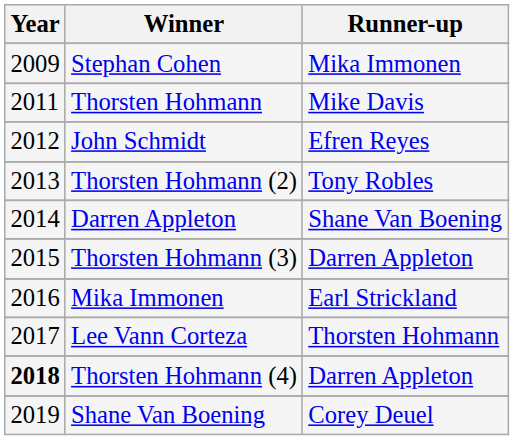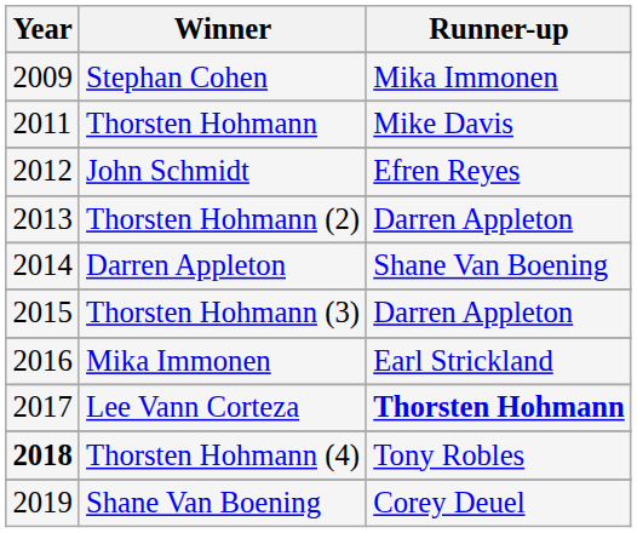 <table class="wikitable sortable" style="font-size:100%; text-align: left;">
 <tr>
 <th>Year</th>
 <th>Winner</th>
 <th>Runner-up</th>
 </tr>
 <tr>
 </tr>
 <tr style="background:#F5F5F5;">
 <td>2009</td>
 <td> <a href='#'>Stephan Cohen</a></td>
 <td> <a href='#'>Mika Immonen</a></td>
 </tr>
 <tr>
 </tr>
 <tr style="background:#F5F5F5;">
 <td>2011</td>
 <td> <a href='#'>Thorsten Hohmann</a></td>
 <td> <a href='#'>Mike Davis</a></td>
 </tr>
 <tr>
 </tr>
 <tr style="background:#F5F5F5;">
 <td>2012</td>
 <td> <a href='#'>John Schmidt</a></td>
 <td> <a href='#'>Efren Reyes</a></td>
 </tr>
 <tr>
 </tr>
 <tr style="background:#F5F5F5;">
 <td>2013</td>
 <td> <a href='#'>Thorsten Hohmann</a> (2)</td>
-<td> <a href='#'>Tony Robles</a></td>
+<td> <a href='#'>Darren Appleton</a></td>
 </tr>
 <tr>
 </tr>
 <tr style="background:#F5F5F5;">
 <td>2014</td>
 <td> <a href='#'>Darren Appleton</a></td>
 <td> <a href='#'>Shane Van Boening</a></td>
 </tr>
 <tr>
 </tr>
 <tr style="background:#F5F5F5;">
 <td>2015</td>
 <td> <a href='#'>Thorsten Hohmann</a> (3)</td>
 <td> <a href='#'>Darren Appleton</a></td>
 </tr>
 <tr>
 </tr>
 <tr style="background:#F5F5F5;">
 <td>2016</td>
 <td> <a href='#'>Mika Immonen</a></td>
 <td> <a href='#'>Earl Strickland</a></td>
 </tr>
 <tr>
 </tr>
 <tr style="background:#F5F5F5;">
 <td>2017</td>
 <td> <a href='#'>Lee Vann Corteza</a></td>
-<td> <a href='#'>Thorsten Hohmann</a></td>
+<td><strong> <a href='#'>Thorsten Hohmann</a></strong></td>
 </tr>
 <tr>
 </tr>
 <tr style="background:#F5F5F5;">
 <td><strong>2018</strong></td>
 <td> <a href='#'>Thorsten Hohmann</a> (4)</td>
-<td> <a href='#'>Darren Appleton</a></td>
+<td> <a href='#'>Tony Robles</a></td>
 </tr>
 <tr>
 </tr>
 <tr style="background:#F5F5F5;">
 <td>2019</td>
 <td> <a href='#'>Shane Van Boening</a></td>
 <td> <a href='#'>Corey Deuel</a></td>
 </tr>
 </table>
